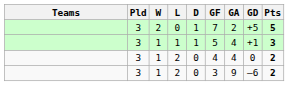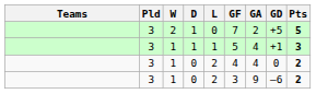 <table class="wikitable" style="text-align: center;">
 <tr>
 <th width=165>Teams</th>
 <th width=20>Pld</th>
 <th width=20>W</th>
+<th width=20>D</th>
 <th width=20>L</th>
-<th width=20>D</th>
 <th width=20>GF</th>
 <th width=20>GA</th>
 <th width=20>GD</th>
 <th width=20>Pts</th>
 </tr>
 <tr align=center style="background:#ccffcc;">
 <td style="text-align:left;"></td>
 <td>3</td>
 <td>2</td>
+<td>1</td>
 <td>0</td>
-<td>1</td>
 <td>7</td>
 <td>2</td>
 <td>+5</td>
 <td><strong>5</strong></td>
 </tr>
 <tr align=center style="background:#ccffcc;">
 <td style="text-align:left;"></td>
 <td>3</td>
 <td>1</td>
 <td>1</td>
 <td>1</td>
 <td>5</td>
 <td>4</td>
 <td>+1</td>
 <td><strong>3</strong></td>
 </tr>
 <tr align=center>
 <td style="text-align:left;"></td>
 <td>3</td>
 <td>1</td>
+<td>0</td>
 <td>2</td>
-<td>0</td>
 <td>4</td>
 <td>4</td>
 <td>0</td>
 <td><strong>2</strong></td>
 </tr>
 <tr align=center>
 <td style="text-align:left;"></td>
 <td>3</td>
 <td>1</td>
+<td>0</td>
 <td>2</td>
-<td>0</td>
 <td>3</td>
 <td>9</td>
 <td>–6</td>
 <td><strong>2</strong></td>
 </tr>
 </table>
